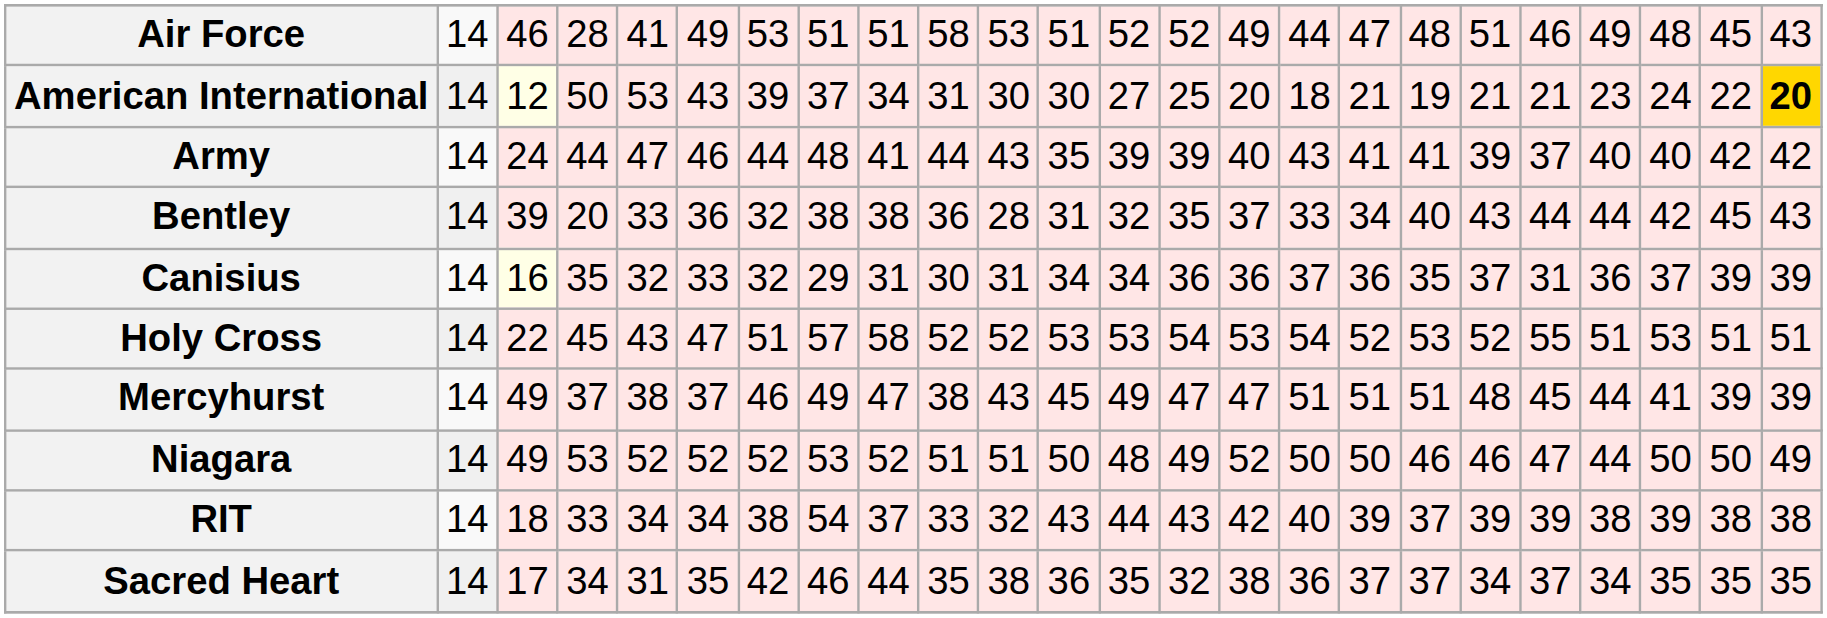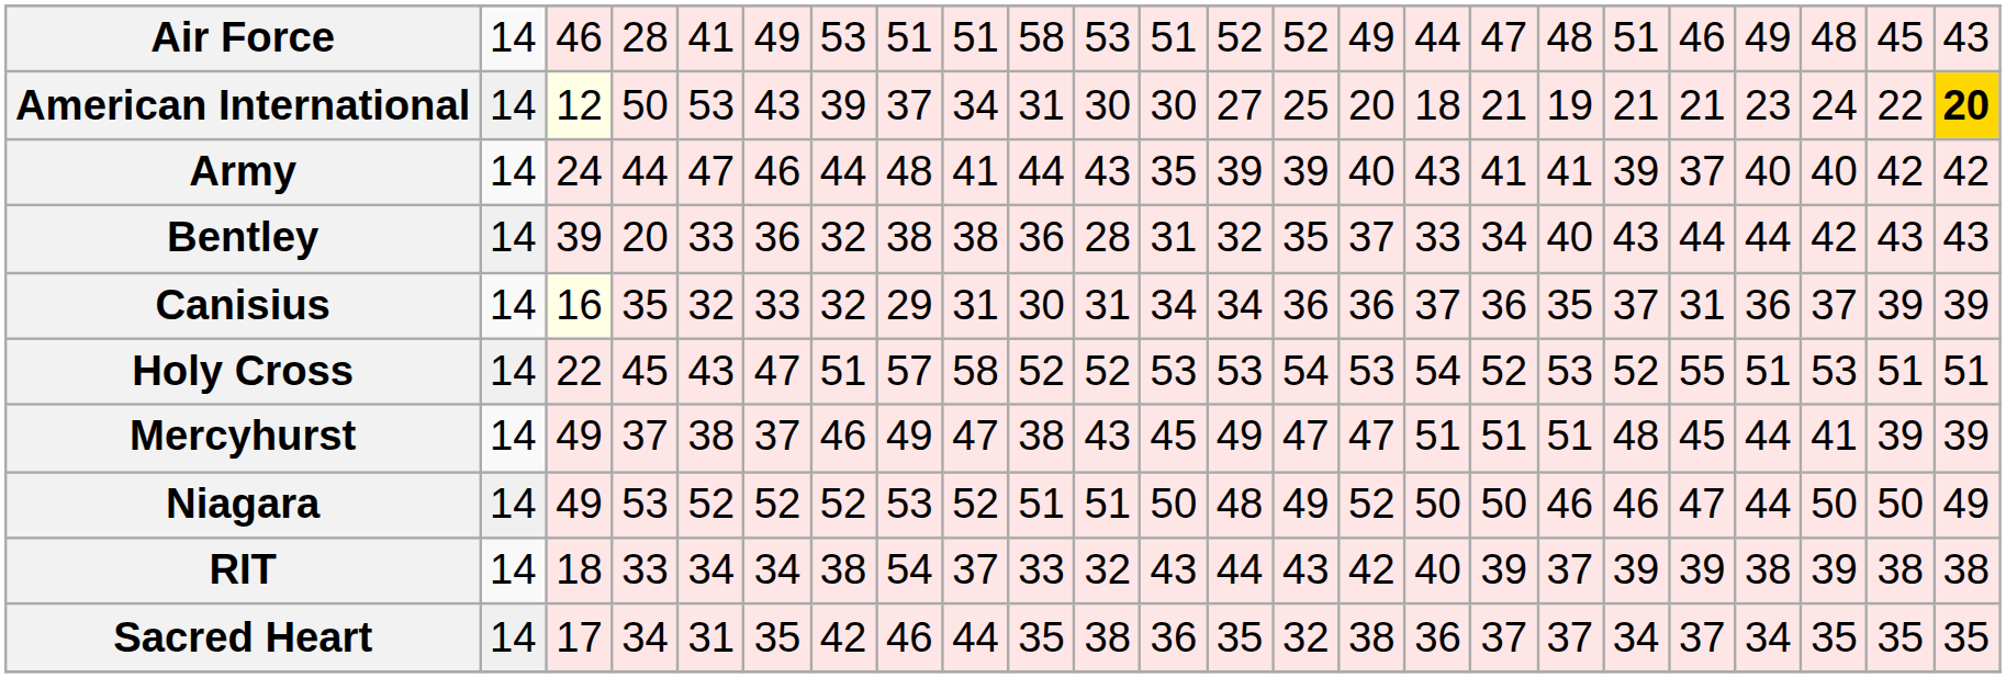 <table class="wikitable sortable" style="text-align: center;">
 <tr>
 </tr>
 <tr>
 <th>Air Force</th>
 <td>14</td>
 <td bgcolor=FFE6E6>46</td>
 <td bgcolor=FFE6E6>28</td>
 <td bgcolor=FFE6E6>41</td>
 <td bgcolor=FFE6E6>49</td>
 <td bgcolor=FFE6E6>53</td>
 <td bgcolor=FFE6E6>51</td>
 <td bgcolor=FFE6E6>51</td>
 <td bgcolor=FFE6E6>58</td>
 <td bgcolor=FFE6E6>53</td>
 <td bgcolor=FFE6E6>51</td>
 <td bgcolor=FFE6E6>52</td>
 <td bgcolor=FFE6E6>52</td>
 <td bgcolor=FFE6E6>49</td>
 <td bgcolor=FFE6E6>44</td>
 <td bgcolor=FFE6E6>47</td>
 <td bgcolor=FFE6E6>48</td>
 <td bgcolor=FFE6E6>51</td>
 <td bgcolor=FFE6E6>46</td>
 <td bgcolor=FFE6E6>49</td>
 <td bgcolor=FFE6E6>48</td>
 <td bgcolor=FFE6E6>45</td>
 <td bgcolor=FFE6E6>43</td>
 </tr>
 <tr bgcolor=f0f0f0>
 <th>American International</th>
 <td>14</td>
 <td bgcolor=FFFFE6>12</td>
 <td bgcolor=FFE6E6>50</td>
 <td bgcolor=FFE6E6>53</td>
 <td bgcolor=FFE6E6>43</td>
 <td bgcolor=FFE6E6>39</td>
 <td bgcolor=FFE6E6>37</td>
 <td bgcolor=FFE6E6>34</td>
 <td bgcolor=FFE6E6>31</td>
 <td bgcolor=FFE6E6>30</td>
 <td bgcolor=FFE6E6>30</td>
 <td bgcolor=FFE6E6>27</td>
 <td bgcolor=FFE6E6>25</td>
 <td bgcolor=FFE6E6>20</td>
 <td bgcolor=FFE6E6>18</td>
 <td bgcolor=FFE6E6>21</td>
 <td bgcolor=FFE6E6>19</td>
 <td bgcolor=FFE6E6>21</td>
 <td bgcolor=FFE6E6>21</td>
 <td bgcolor=FFE6E6>23</td>
 <td bgcolor=FFE6E6>24</td>
 <td bgcolor=FFE6E6>22</td>
 <td bgcolor=gold><strong>20</strong></td>
 </tr>
 <tr>
 <th>Army</th>
 <td>14</td>
 <td bgcolor=FFE6E6>24</td>
 <td bgcolor=FFE6E6>44</td>
 <td bgcolor=FFE6E6>47</td>
 <td bgcolor=FFE6E6>46</td>
 <td bgcolor=FFE6E6>44</td>
 <td bgcolor=FFE6E6>48</td>
 <td bgcolor=FFE6E6>41</td>
 <td bgcolor=FFE6E6>44</td>
 <td bgcolor=FFE6E6>43</td>
 <td bgcolor=FFE6E6>35</td>
 <td bgcolor=FFE6E6>39</td>
 <td bgcolor=FFE6E6>39</td>
 <td bgcolor=FFE6E6>40</td>
 <td bgcolor=FFE6E6>43</td>
 <td bgcolor=FFE6E6>41</td>
 <td bgcolor=FFE6E6>41</td>
 <td bgcolor=FFE6E6>39</td>
 <td bgcolor=FFE6E6>37</td>
 <td bgcolor=FFE6E6>40</td>
 <td bgcolor=FFE6E6>40</td>
 <td bgcolor=FFE6E6>42</td>
 <td bgcolor=FFE6E6>42</td>
 </tr>
 <tr bgcolor=f0f0f0>
 <th>Bentley</th>
 <td>14</td>
 <td bgcolor=FFE6E6>39</td>
 <td bgcolor=FFE6E6>20</td>
 <td bgcolor=FFE6E6>33</td>
 <td bgcolor=FFE6E6>36</td>
 <td bgcolor=FFE6E6>32</td>
 <td bgcolor=FFE6E6>38</td>
 <td bgcolor=FFE6E6>38</td>
 <td bgcolor=FFE6E6>36</td>
 <td bgcolor=FFE6E6>28</td>
 <td bgcolor=FFE6E6>31</td>
 <td bgcolor=FFE6E6>32</td>
 <td bgcolor=FFE6E6>35</td>
 <td bgcolor=FFE6E6>37</td>
 <td bgcolor=FFE6E6>33</td>
 <td bgcolor=FFE6E6>34</td>
 <td bgcolor=FFE6E6>40</td>
 <td bgcolor=FFE6E6>43</td>
 <td bgcolor=FFE6E6>44</td>
 <td bgcolor=FFE6E6>44</td>
 <td bgcolor=FFE6E6>42</td>
-<td bgcolor=FFE6E6>45</td>
+<td bgcolor=FFE6E6>43</td>
 <td bgcolor=FFE6E6>43</td>
 </tr>
 <tr>
 <th>Canisius</th>
 <td>14</td>
 <td bgcolor=FFFFE6>16</td>
 <td bgcolor=FFE6E6>35</td>
 <td bgcolor=FFE6E6>32</td>
 <td bgcolor=FFE6E6>33</td>
 <td bgcolor=FFE6E6>32</td>
 <td bgcolor=FFE6E6>29</td>
 <td bgcolor=FFE6E6>31</td>
 <td bgcolor=FFE6E6>30</td>
 <td bgcolor=FFE6E6>31</td>
 <td bgcolor=FFE6E6>34</td>
 <td bgcolor=FFE6E6>34</td>
 <td bgcolor=FFE6E6>36</td>
 <td bgcolor=FFE6E6>36</td>
 <td bgcolor=FFE6E6>37</td>
 <td bgcolor=FFE6E6>36</td>
 <td bgcolor=FFE6E6>35</td>
 <td bgcolor=FFE6E6>37</td>
 <td bgcolor=FFE6E6>31</td>
 <td bgcolor=FFE6E6>36</td>
 <td bgcolor=FFE6E6>37</td>
 <td bgcolor=FFE6E6>39</td>
 <td bgcolor=FFE6E6>39</td>
 </tr>
 <tr bgcolor=f0f0f0>
 <th>Holy Cross</th>
 <td>14</td>
 <td bgcolor=FFE6E6>22</td>
 <td bgcolor=FFE6E6>45</td>
 <td bgcolor=FFE6E6>43</td>
 <td bgcolor=FFE6E6>47</td>
 <td bgcolor=FFE6E6>51</td>
 <td bgcolor=FFE6E6>57</td>
 <td bgcolor=FFE6E6>58</td>
 <td bgcolor=FFE6E6>52</td>
 <td bgcolor=FFE6E6>52</td>
 <td bgcolor=FFE6E6>53</td>
 <td bgcolor=FFE6E6>53</td>
 <td bgcolor=FFE6E6>54</td>
 <td bgcolor=FFE6E6>53</td>
 <td bgcolor=FFE6E6>54</td>
 <td bgcolor=FFE6E6>52</td>
 <td bgcolor=FFE6E6>53</td>
 <td bgcolor=FFE6E6>52</td>
 <td bgcolor=FFE6E6>55</td>
 <td bgcolor=FFE6E6>51</td>
 <td bgcolor=FFE6E6>53</td>
 <td bgcolor=FFE6E6>51</td>
 <td bgcolor=FFE6E6>51</td>
 </tr>
 <tr>
 <th>Mercyhurst</th>
 <td>14</td>
 <td bgcolor=FFE6E6>49</td>
 <td bgcolor=FFE6E6>37</td>
 <td bgcolor=FFE6E6>38</td>
 <td bgcolor=FFE6E6>37</td>
 <td bgcolor=FFE6E6>46</td>
 <td bgcolor=FFE6E6>49</td>
 <td bgcolor=FFE6E6>47</td>
 <td bgcolor=FFE6E6>38</td>
 <td bgcolor=FFE6E6>43</td>
 <td bgcolor=FFE6E6>45</td>
 <td bgcolor=FFE6E6>49</td>
 <td bgcolor=FFE6E6>47</td>
 <td bgcolor=FFE6E6>47</td>
 <td bgcolor=FFE6E6>51</td>
 <td bgcolor=FFE6E6>51</td>
 <td bgcolor=FFE6E6>51</td>
 <td bgcolor=FFE6E6>48</td>
 <td bgcolor=FFE6E6>45</td>
 <td bgcolor=FFE6E6>44</td>
 <td bgcolor=FFE6E6>41</td>
 <td bgcolor=FFE6E6>39</td>
 <td bgcolor=FFE6E6>39</td>
 </tr>
 <tr bgcolor=f0f0f0>
 <th>Niagara</th>
 <td>14</td>
 <td bgcolor=FFE6E6>49</td>
 <td bgcolor=FFE6E6>53</td>
 <td bgcolor=FFE6E6>52</td>
 <td bgcolor=FFE6E6>52</td>
 <td bgcolor=FFE6E6>52</td>
 <td bgcolor=FFE6E6>53</td>
 <td bgcolor=FFE6E6>52</td>
 <td bgcolor=FFE6E6>51</td>
 <td bgcolor=FFE6E6>51</td>
 <td bgcolor=FFE6E6>50</td>
 <td bgcolor=FFE6E6>48</td>
 <td bgcolor=FFE6E6>49</td>
 <td bgcolor=FFE6E6>52</td>
 <td bgcolor=FFE6E6>50</td>
 <td bgcolor=FFE6E6>50</td>
 <td bgcolor=FFE6E6>46</td>
 <td bgcolor=FFE6E6>46</td>
 <td bgcolor=FFE6E6>47</td>
 <td bgcolor=FFE6E6>44</td>
 <td bgcolor=FFE6E6>50</td>
 <td bgcolor=FFE6E6>50</td>
 <td bgcolor=FFE6E6>49</td>
 </tr>
 <tr>
 <th>RIT</th>
 <td>14</td>
 <td bgcolor=FFE6E6>18</td>
 <td bgcolor=FFE6E6>33</td>
 <td bgcolor=FFE6E6>34</td>
 <td bgcolor=FFE6E6>34</td>
 <td bgcolor=FFE6E6>38</td>
 <td bgcolor=FFE6E6>54</td>
 <td bgcolor=FFE6E6>37</td>
 <td bgcolor=FFE6E6>33</td>
 <td bgcolor=FFE6E6>32</td>
 <td bgcolor=FFE6E6>43</td>
 <td bgcolor=FFE6E6>44</td>
 <td bgcolor=FFE6E6>43</td>
 <td bgcolor=FFE6E6>42</td>
 <td bgcolor=FFE6E6>40</td>
 <td bgcolor=FFE6E6>39</td>
 <td bgcolor=FFE6E6>37</td>
 <td bgcolor=FFE6E6>39</td>
 <td bgcolor=FFE6E6>39</td>
 <td bgcolor=FFE6E6>38</td>
 <td bgcolor=FFE6E6>39</td>
 <td bgcolor=FFE6E6>38</td>
 <td bgcolor=FFE6E6>38</td>
 </tr>
 <tr bgcolor=f0f0f0>
 <th>Sacred Heart</th>
 <td>14</td>
 <td bgcolor=FFE6E6>17</td>
 <td bgcolor=FFE6E6>34</td>
 <td bgcolor=FFE6E6>31</td>
 <td bgcolor=FFE6E6>35</td>
 <td bgcolor=FFE6E6>42</td>
 <td bgcolor=FFE6E6>46</td>
 <td bgcolor=FFE6E6>44</td>
 <td bgcolor=FFE6E6>35</td>
 <td bgcolor=FFE6E6>38</td>
 <td bgcolor=FFE6E6>36</td>
 <td bgcolor=FFE6E6>35</td>
 <td bgcolor=FFE6E6>32</td>
 <td bgcolor=FFE6E6>38</td>
 <td bgcolor=FFE6E6>36</td>
 <td bgcolor=FFE6E6>37</td>
 <td bgcolor=FFE6E6>37</td>
 <td bgcolor=FFE6E6>34</td>
 <td bgcolor=FFE6E6>37</td>
 <td bgcolor=FFE6E6>34</td>
 <td bgcolor=FFE6E6>35</td>
 <td bgcolor=FFE6E6>35</td>
 <td bgcolor=FFE6E6>35</td>
 </tr>
 <tr>
 </tr>
 </table>
